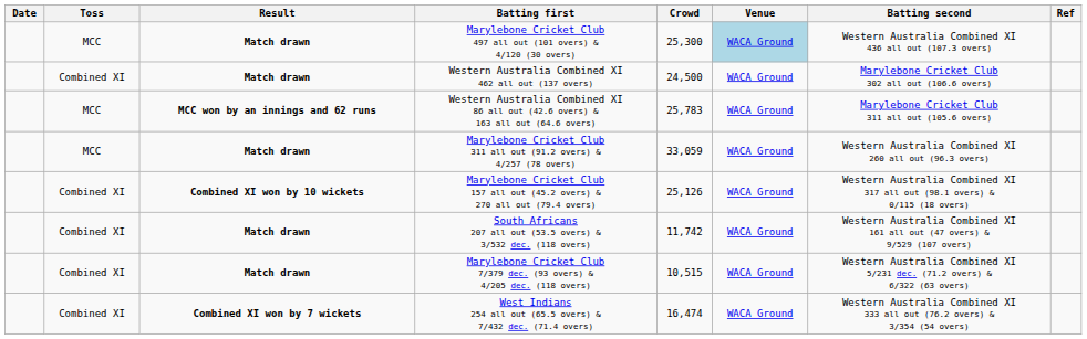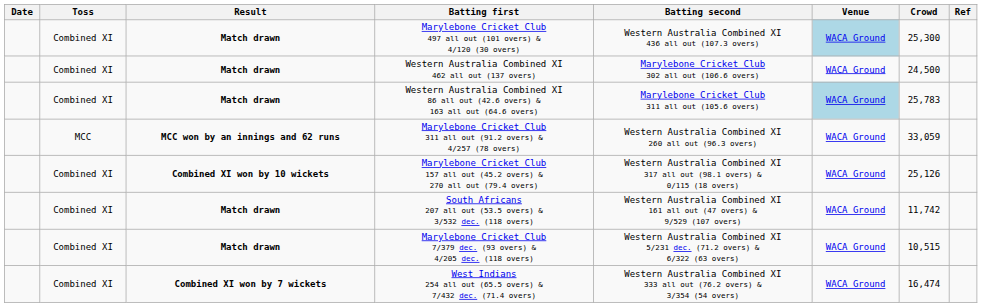 <table class="wikitable" style="font-size:90%; width: 100%; text-align: center;">
 <tr>
 <th>Date</th>
 <th>Toss</th>
 <th>Result</th>
 <th>Batting first</th>
+<th>Batting second</th>
+<th>Venue</th>
 <th>Crowd</th>
-<th>Venue</th>
-<th>Batting second</th>
 <th>Ref</th>
 </tr>
 <tr>
 <td></td>
-<td>MCC</td>
+<td>Combined XI</td>
 <td><strong>Match drawn</strong></td>
 <td><a href='#'>Marylebone Cricket Club</a><br><small>497 all out (101 overs) &<br>4/120 (30 overs)</small></td>
+<td>Western Australia Combined XI<br><small>436 all out (107.3 overs)</small></td>
+<td style="background: lightblue;"><a href='#'>WACA Ground</a></td>
 <td>25,300</td>
-<td style="background: lightblue;"><a href='#'>WACA Ground</a></td>
-<td>Western Australia Combined XI<br><small>436 all out (107.3 overs)</small></td>
 <td></td>
 </tr>
 <tr>
 <td></td>
 <td>Combined XI</td>
 <td><strong>Match drawn</strong></td>
 <td>Western Australia Combined XI<br><small>462 all out (137 overs)</small></td>
+<td><a href='#'>Marylebone Cricket Club</a><br><small>302 all out (106.6 overs)</small></td>
+<td><a href='#'>WACA Ground</a></td>
 <td>24,500</td>
-<td><a href='#'>WACA Ground</a></td>
-<td><a href='#'>Marylebone Cricket Club</a><br><small>302 all out (106.6 overs)</small></td>
+<td></td>
+</tr>
+<tr>
+<td></td>
+<td>Combined XI</td>
+<td><strong>Match drawn</strong></td>
+<td>Western Australia Combined XI<br><small>86 all out (42.6 overs) &<br>163 all out (64.6 overs)</small></td>
+<td><a href='#'>Marylebone Cricket Club</a><br><small>311 all out (105.6 overs)</small></td>
+<td style="background: lightblue;"><a href='#'>WACA Ground</a></td>
+<td>25,783</td>
 <td></td>
 </tr>
 <tr>
 <td></td>
 <td>MCC</td>
 <td><strong>MCC won by an innings and 62 runs</strong></td>
-<td>Western Australia Combined XI<br><small>86 all out (42.6 overs) &<br>163 all out (64.6 overs)</small></td>
-<td>25,783</td>
+<td><a href='#'>Marylebone Cricket Club</a><br><small>311 all out (91.2 overs) &<br>4/257 (78 overs)</small></td>
+<td>Western Australia Combined XI<br><small>260 all out (96.3 overs)</small></td>
 <td><a href='#'>WACA Ground</a></td>
-<td><a href='#'>Marylebone Cricket Club</a><br><small>311 all out (105.6 overs)</small></td>
-<td></td>
-</tr>
-<tr>
-<td></td>
-<td>MCC</td>
-<td><strong>Match drawn</strong></td>
-<td><a href='#'>Marylebone Cricket Club</a><br><small>311 all out (91.2 overs) &<br>4/257 (78 overs)</small></td>
 <td>33,059</td>
-<td><a href='#'>WACA Ground</a></td>
-<td>Western Australia Combined XI<br><small>260 all out (96.3 overs)</small></td>
 <td></td>
 </tr>
 <tr>
 <td></td>
 <td>Combined XI</td>
 <td><strong>Combined XI won by 10 wickets</strong></td>
 <td><a href='#'>Marylebone Cricket Club</a><br><small>157 all out (45.2 overs) &<br>270 all out (79.4 overs)</small></td>
+<td>Western Australia Combined XI<br><small>317 all out (98.1 overs) &<br>0/115 (18 overs)</small></td>
+<td><a href='#'>WACA Ground</a></td>
 <td>25,126</td>
-<td><a href='#'>WACA Ground</a></td>
-<td>Western Australia Combined XI<br><small>317 all out (98.1 overs) &<br>0/115 (18 overs)</small></td>
 <td></td>
 </tr>
 <tr>
 <td></td>
 <td>Combined XI</td>
 <td><strong>Match drawn</strong></td>
 <td><a href='#'>South Africans</a><br><small>207 all out (53.5 overs) &<br>3/532 <a href='#'>dec.</a> (118 overs)</small></td>
+<td>Western Australia Combined XI<br><small>161 all out (47 overs) &<br>9/529 (107 overs)</small></td>
+<td><a href='#'>WACA Ground</a></td>
 <td>11,742</td>
-<td><a href='#'>WACA Ground</a></td>
-<td>Western Australia Combined XI<br><small>161 all out (47 overs) &<br>9/529 (107 overs)</small></td>
 <td></td>
 </tr>
 <tr>
 <td></td>
 <td>Combined XI</td>
 <td><strong>Match drawn</strong></td>
 <td><a href='#'>Marylebone Cricket Club</a><br><small>7/379 <a href='#'>dec.</a> (93 overs) &<br>4/205 <a href='#'>dec.</a> (118 overs)</small></td>
+<td>Western Australia Combined XI<br><small>5/231 <a href='#'>dec.</a> (71.2 overs) &<br>6/322 (63 overs)</small></td>
+<td><a href='#'>WACA Ground</a></td>
 <td>10,515</td>
-<td><a href='#'>WACA Ground</a></td>
-<td>Western Australia Combined XI<br><small>5/231 <a href='#'>dec.</a> (71.2 overs) &<br>6/322 (63 overs)</small></td>
 <td></td>
 </tr>
 <tr>
 <td></td>
 <td>Combined XI</td>
 <td><strong>Combined XI won by 7 wickets</strong></td>
 <td><a href='#'>West Indians</a><br><small>254 all out (65.5 overs) &<br>7/432 <a href='#'>dec.</a> (71.4 overs)</small></td>
+<td>Western Australia Combined XI<br><small>333 all out (76.2 overs) &<br>3/354 (54 overs)</small></td>
+<td><a href='#'>WACA Ground</a></td>
 <td>16,474</td>
-<td><a href='#'>WACA Ground</a></td>
-<td>Western Australia Combined XI<br><small>333 all out (76.2 overs) &<br>3/354 (54 overs)</small></td>
 <td></td>
 </tr>
 </table>
